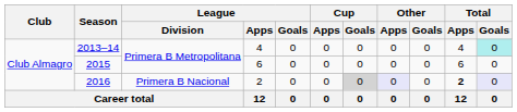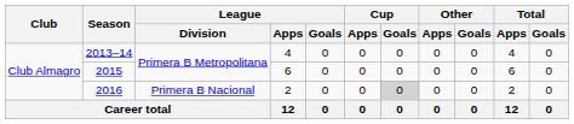 <table class="wikitable" style="text-align: center">
 <tr>
 <th rowspan="2">Club</th>
 <th rowspan="2">Season</th>
 <th colspan="3">League</th>
 <th colspan="2">Cup</th>
 <th colspan="2">Other</th>
 <th colspan="2">Total</th>
 </tr>
 <tr>
 <th>Division</th>
 <th>Apps</th>
 <th>Goals</th>
 <th>Apps</th>
 <th>Goals</th>
 <th>Apps</th>
 <th>Goals</th>
 <th>Apps</th>
 <th>Goals</th>
 </tr>
 <tr>
 <td rowspan="3"><a href='#'>Club Almagro</a></td>
 <td><a href='#'>2013–14</a></td>
 <td rowspan="2"><a href='#'>Primera B Metropolitana</a></td>
 <td>4</td>
 <td>0</td>
 <td>0</td>
 <td>0</td>
 <td>0</td>
 <td>0</td>
 <td>4</td>
-<td style="background: paleturquoise;">0</td>
+<td>0</td>
 </tr>
 <tr>
 <td><a href='#'>2015</a></td>
 <td>6</td>
 <td>0</td>
 <td>0</td>
 <td>0</td>
 <td>0</td>
 <td>0</td>
 <td>6</td>
 <td>0</td>
 </tr>
 <tr>
 <td><a href='#'>2016</a></td>
 <td><a href='#'>Primera B Nacional</a></td>
 <td>2</td>
 <td>0</td>
 <td>0</td>
 <td style="background: lightgrey;">0</td>
-<td style="background: lavender;">0</td>
 <td>0</td>
-<td><strong>2</strong></td>
-<td style="background: lavender;">0</td>
+<td>0</td>
+<td>2</td>
+<td>0</td>
 </tr>
 <tr>
 <th colspan=3>Career total</th>
 <th>12</th>
 <th>0</th>
 <th>0</th>
 <th>0</th>
 <th>0</th>
 <th>0</th>
 <th>12</th>
 <th>0</th>
 </tr>
 </table>
